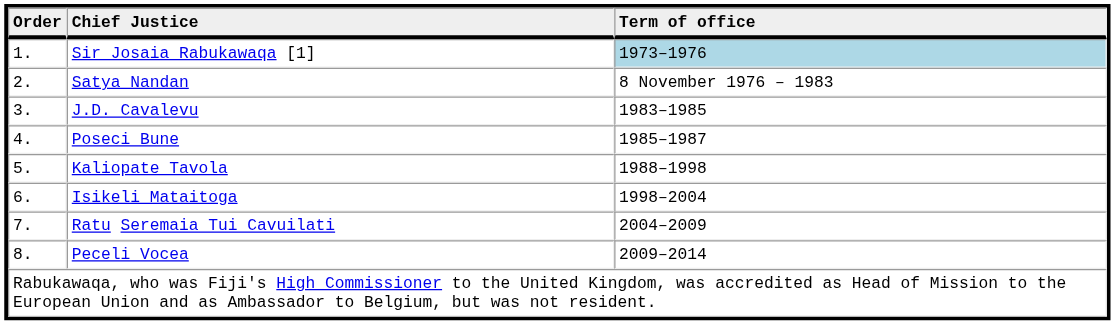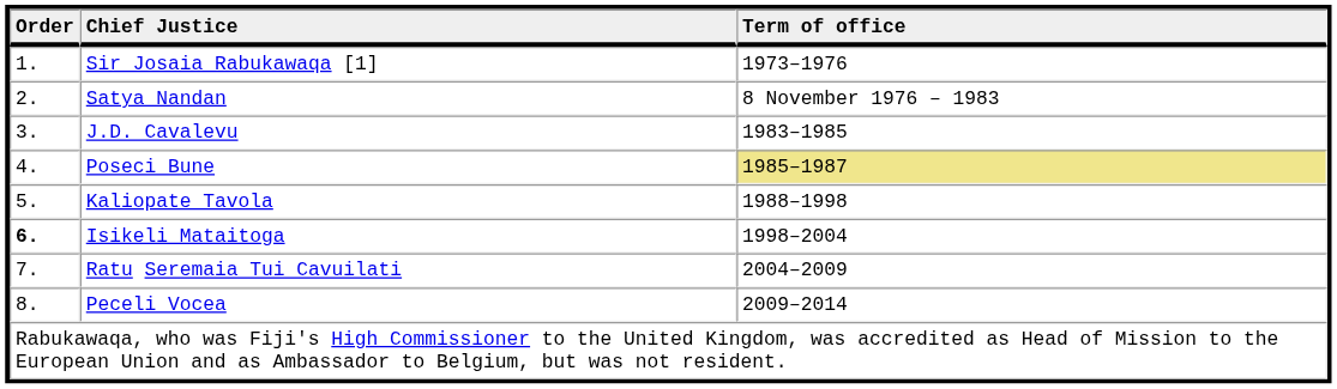 <table table width="70%" border="1" align="center" cellpadding=3 cellspacing=0 style="margin:5px; border:3px solid;">
 <tr>
 <td td width="5%" style="border-bottom:3px solid; background:#efefef;"><strong>Order</strong></td>
 <td td width="50%" style="border-bottom:3px solid; background:#efefef;"><strong>Chief Justice</strong></td>
 <td td width="45%" style="border-bottom:3px solid; background:#efefef;"><strong>Term of office</strong></td>
 </tr>
 <tr>
 <td>1.</td>
 <td><a href='#'>Sir Josaia Rabukawaqa</a> [1]</td>
-<td style="background: lightblue;">1973–1976</td>
+<td>1973–1976</td>
 </tr>
 <tr>
 <td>2.</td>
 <td><a href='#'>Satya Nandan</a></td>
 <td>8 November 1976 – 1983</td>
 </tr>
 <tr>
 <td>3.</td>
 <td><a href='#'>J.D. Cavalevu</a></td>
 <td>1983–1985</td>
 </tr>
 <tr>
 <td>4.</td>
 <td><a href='#'>Poseci Bune</a></td>
-<td>1985–1987</td>
+<td style="background: khaki;">1985–1987</td>
 </tr>
 <tr>
 <td>5.</td>
 <td><a href='#'>Kaliopate Tavola</a></td>
 <td>1988–1998</td>
 </tr>
 <tr>
-<td>6.</td>
+<td><strong>6.</strong></td>
 <td><a href='#'>Isikeli Mataitoga</a></td>
 <td>1998–2004</td>
 </tr>
 <tr>
 <td>7.</td>
 <td><a href='#'>Ratu</a> <a href='#'>Seremaia Tui Cavuilati</a></td>
 <td>2004–2009</td>
 </tr>
 <tr>
 <td>8.</td>
 <td><a href='#'>Peceli Vocea</a></td>
 <td>2009–2014</td>
 </tr>
 <tr>
 <td colspan=3>Rabukawaqa, who was Fiji's <a href='#'>High Commissioner</a> to the United Kingdom, was accredited as Head of Mission to the European Union and as Ambassador to Belgium, but was not resident.</td>
 </tr>
 </table>
